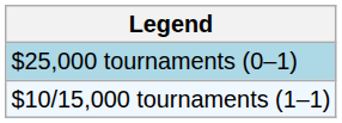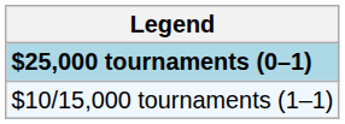 <table class="wikitable" style="font-size:85%;">
 <tr>
 <th>Legend</th>
 </tr>
 <tr style="background:lightblue;">
-<td>$25,000 tournaments (0–1)</td>
+<td><strong>$25,000 tournaments (0–1)</strong></td>
 </tr>
 <tr style="background:#f0f8ff;">
 <td>$10/15,000 tournaments (1–1)</td>
 </tr>
 </table>
